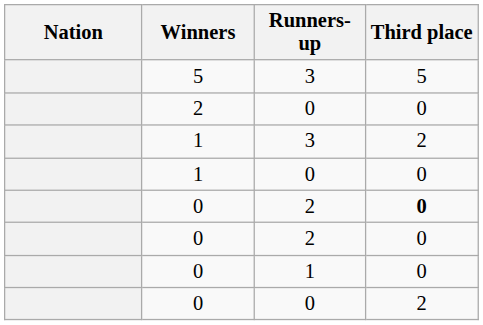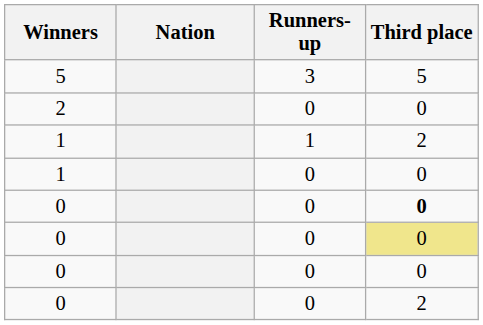 <table class="wikitable plainrowheaders sortable">
 <tr>
+<th scope="col" width=80>Winners</th>
 <th scope="col" width=100>Nation</th>
-<th scope="col" width=80>Winners</th>
 <th scope="col" width=80>Runners-up</th>
 <th scope="col" width=80>Third place</th>
 </tr>
 <tr>
+<td align=center>5</td>
 <th scope="row"></th>
-<td align=center>5</td>
 <td align=center>3</td>
 <td align=center>5</td>
 </tr>
 <tr>
+<td align=center>2</td>
 <th scope="row"></th>
-<td align=center>2</td>
 <td align=center>0</td>
 <td align=center>0</td>
 </tr>
 <tr>
+<td align=center>1</td>
 <th scope="row"></th>
 <td align=center>1</td>
-<td align=center>3</td>
 <td align=center>2</td>
 </tr>
 <tr>
+<td align=center>1</td>
 <th scope="row"></th>
-<td align=center>1</td>
 <td align=center>0</td>
 <td align=center>0</td>
 </tr>
 <tr>
+<td align=center>0</td>
 <th scope="row"></th>
 <td align=center>0</td>
-<td align=center>2</td>
 <td align=center><strong>0</strong></td>
 </tr>
 <tr>
+<td align=center>0</td>
 <th scope="row"></th>
 <td align=center>0</td>
-<td align=center>2</td>
+<td align=center style="background: khaki;">0</td>
+</tr>
+<tr>
+<td align=center>0</td>
+<th scope="row"></th>
+<td align=center>0</td>
 <td align=center>0</td>
 </tr>
 <tr>
+<td align=center>0</td>
 <th scope="row"></th>
-<td align=center>0</td>
-<td align=center>1</td>
-<td align=center>0</td>
-</tr>
-<tr>
-<th scope="row"></th>
-<td align=center>0</td>
 <td align=center>0</td>
 <td align=center>2</td>
 </tr>
 </table>
